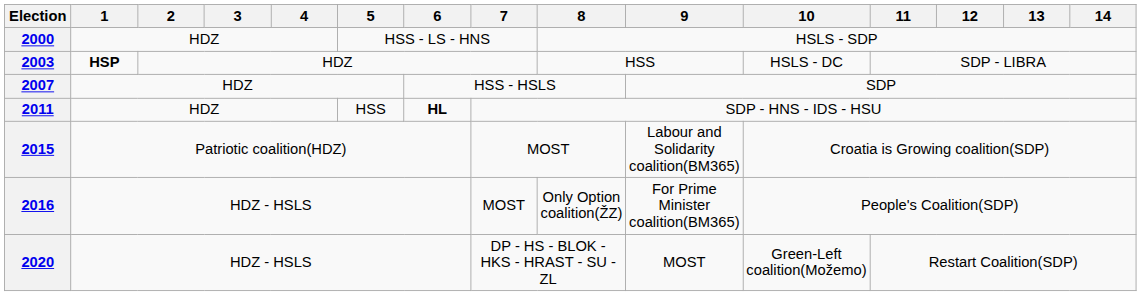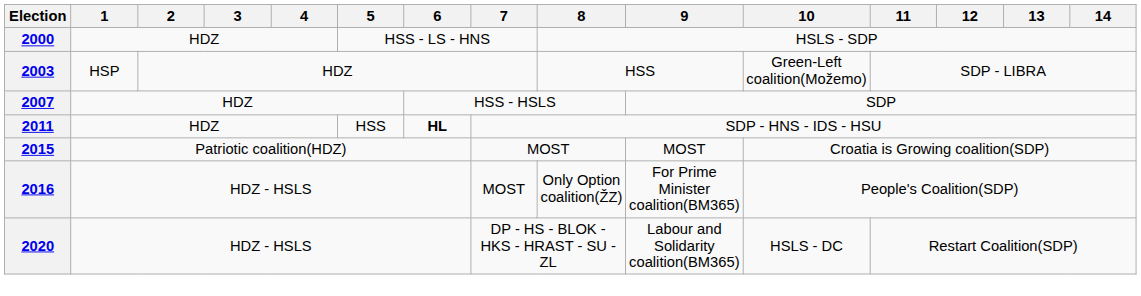 <table class=wikitable style="text-align: center;">
 <tr>
 <th style="width: 65px;">Election</th>
 <th style="width: 65px;">1</th>
 <th style="width: 65px;">2</th>
 <th style="width: 65px;">3</th>
 <th style="width: 65px;">4</th>
 <th style="width: 65px;">5</th>
 <th style="width: 65px;">6</th>
 <th style="width: 65px;">7</th>
 <th style="width: 65px;">8</th>
 <th style="width: 65px;">9</th>
 <th style="width: 65px;">10</th>
 <th style="width: 65px;">11</th>
 <th style="width: 65px;">12</th>
 <th style="width: 65px;">13</th>
 <th style="width: 65px;">14</th>
 </tr>
 <tr>
 <th><a href='#'>2000</a></th>
 <td colspan=4 style="background:">HDZ</td>
 <td colspan=3 style="background:">HSS - LS - HNS</td>
 <td colspan=7 style="background:">HSLS - SDP</td>
 </tr>
 <tr>
 <th><a href='#'>2003</a></th>
-<td style="background:"><strong>HSP</strong></td>
+<td style="background:">HSP</td>
 <td colspan=6 style="background:">HDZ</td>
 <td colspan=2 style="background:">HSS</td>
-<td style="background:">HSLS - DC</td>
+<td style="background:">Green-Left coalition(Možemo)</td>
 <td colspan=4 style="background:">SDP - LIBRA</td>
 </tr>
 <tr>
 <th><a href='#'>2007</a></th>
 <td colspan=5 style="background:">HDZ</td>
 <td colspan=3 style="background:">HSS - HSLS</td>
 <td colspan=6 style="background:">SDP</td>
 </tr>
 <tr>
 <th><a href='#'>2011</a></th>
 <td colspan=4 style="background:">HDZ</td>
 <td style="background:">HSS</td>
 <td style="background:"><strong>HL</strong></td>
 <td colspan=8 style="background:">SDP - HNS - IDS - HSU</td>
 </tr>
 <tr>
 <th><a href='#'>2015</a></th>
 <td colspan=6 style="background:">Patriotic coalition(HDZ)</td>
 <td colspan=2 style="background:">MOST</td>
-<td style="background:">Labour and Solidarity coalition(BM365)</td>
+<td style="background:">MOST</td>
 <td colspan=5 style="background:">Croatia is Growing coalition(SDP)</td>
 </tr>
 <tr>
 <th><a href='#'>2016</a></th>
 <td colspan=6 style="background:">HDZ - HSLS</td>
 <td style="background:">MOST</td>
 <td style="background:">Only Option coalition(ŽZ)</td>
 <td style="background:">For Prime Minister coalition(BM365)</td>
 <td colspan=5 style="background:">People's Coalition(SDP)</td>
 </tr>
 <tr>
 <th><a href='#'>2020</a></th>
 <td colspan=6 style="background:">HDZ - HSLS</td>
 <td colspan=2 style="background:">DP - HS - BLOK - HKS - HRAST - SU - ZL</td>
-<td style="background:">MOST</td>
-<td style="background:">Green-Left coalition(Možemo)</td>
+<td style="background:">Labour and Solidarity coalition(BM365)</td>
+<td style="background:">HSLS - DC</td>
 <td colspan=4 style="background:">Restart Coalition(SDP)</td>
 </tr>
 </table>
